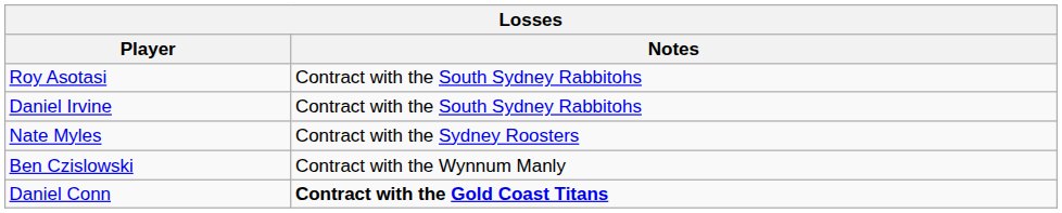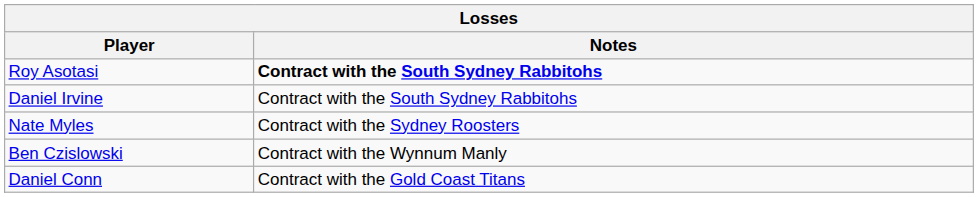 <table class="wikitable"  style="width:65%; font-size:90%;">
 <tr style="background:#efefef;">
 <th colspan=11>Losses</th>
 </tr>
 <tr>
 <th>Player</th>
 <th>Notes</th>
 </tr>
 <tr>
 <td><a href='#'>Roy Asotasi</a></td>
-<td>Contract with the <a href='#'>South Sydney Rabbitohs</a></td>
+<td><strong>Contract with the <a href='#'>South Sydney Rabbitohs</a></strong></td>
 </tr>
 <tr>
 <td><a href='#'>Daniel Irvine</a></td>
 <td>Contract with the <a href='#'>South Sydney Rabbitohs</a></td>
 </tr>
 <tr>
 <td><a href='#'>Nate Myles</a></td>
 <td>Contract with the <a href='#'>Sydney Roosters</a></td>
 </tr>
 <tr>
 <td><a href='#'>Ben Czislowski</a></td>
 <td>Contract with the Wynnum Manly</td>
 </tr>
 <tr>
 <td><a href='#'>Daniel Conn</a></td>
-<td><strong>Contract with the <a href='#'>Gold Coast Titans</a></strong></td>
+<td>Contract with the <a href='#'>Gold Coast Titans</a></td>
 </tr>
 </table>
